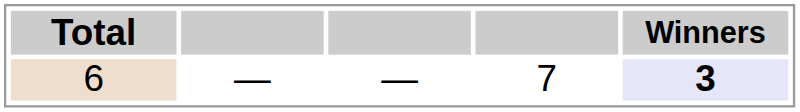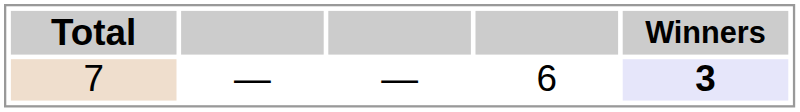 <table style="border: 1px solid #999; background-color:#FFFFFF; line-height:16px; text-align:center">
 <tr>
 <th style="background-color: #ccc;" width="70">Total</th>
 <th style="background-color: #ccc;" width="60"><small></small></th>
 <th style="background-color: #ccc;" width="60"><small></small></th>
 <th style="background-color: #ccc;" width="60"><small></small></th>
 <th style="background-color: #ccc;" width="70"><small>Winners</small></th>
 </tr>
 <tr>
-<td bgcolor=#EFDECD>6</td>
+<td bgcolor=#EFDECD>7</td>
 <td>—</td>
 <td>—</td>
-<td>7</td>
+<td>6</td>
 <td bgcolor="#E6E6FA"><strong>3</strong></td>
 </tr>
 </table>
